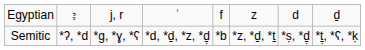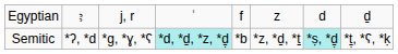 <table class="wikitable" style="text-align: center;">
 <tr>
 <td>Egyptian</td>
 <td>ꜣ</td>
 <td>j, r</td>
 <td>ʿ</td>
 <td>f</td>
 <td>z</td>
 <td>d</td>
 <td>ḏ</td>
 </tr>
 <tr>
 <td>Semitic</td>
 <td>*ʔ, *d</td>
 <td>*g, *ɣ, *ʕ</td>
-<td>*d, *ḏ, *z, *ḏ̣</td>
+<td style="background: paleturquoise;">*d, *ḏ, *z, *ḏ̣</td>
 <td>*b</td>
 <td>*z, *ḏ, *ṯ</td>
-<td>*ṣ, *ḏ̣</td>
+<td style="background: paleturquoise;">*ṣ, *ḏ̣</td>
 <td>*ṯ̣, *ʕ, *ḳ</td>
 </tr>
 </table>
